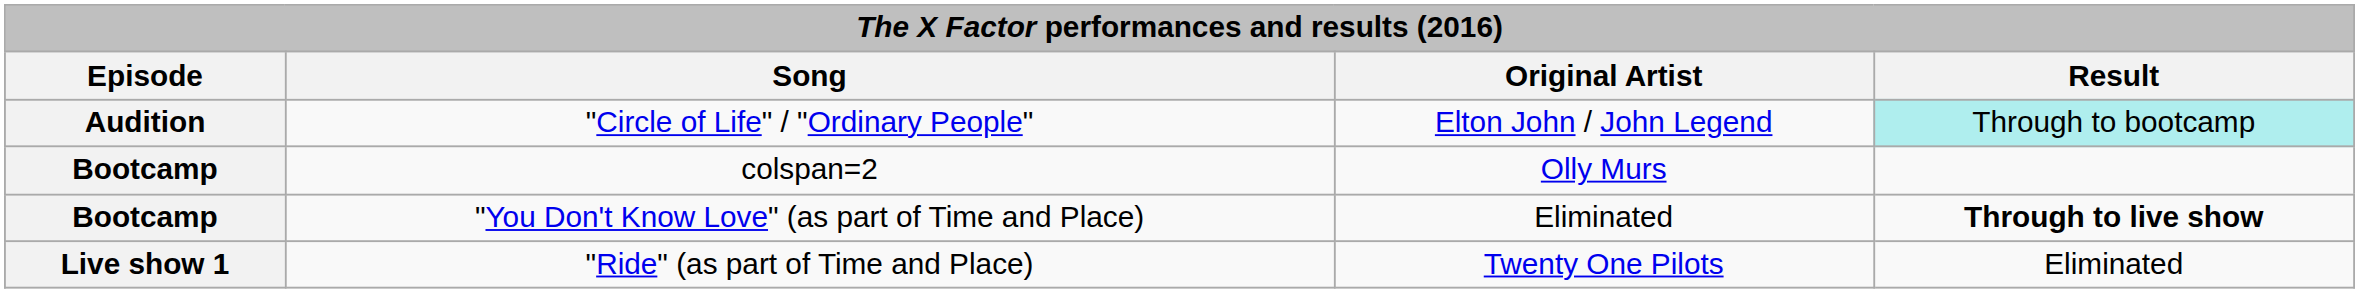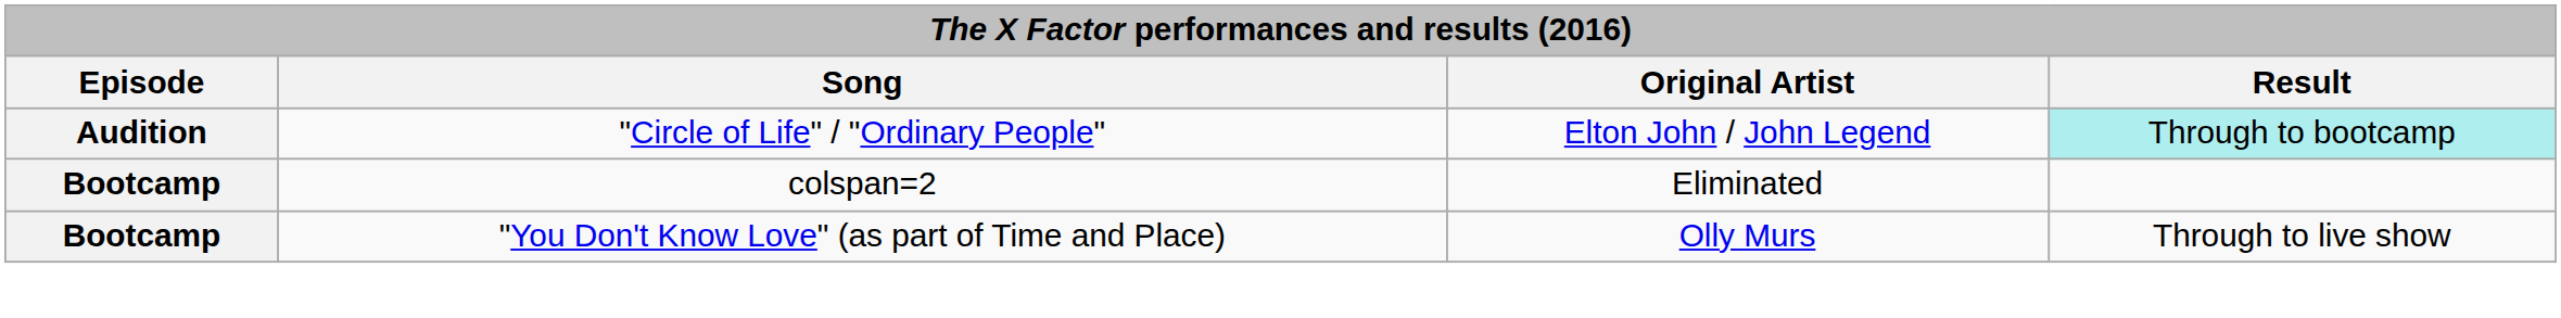 <table class="wikitable collapsible collapsed" style="width:100%; margin:1em auto 1em auto; text-align:center;">
 <tr>
 <th colspan="4" style="background:#BFBFBF;"><em>The X Factor</em> performances and results (2016)</th>
 </tr>
 <tr>
 <th scope="col">Episode</th>
 <th scope="col">Song</th>
 <th scope="col">Original Artist</th>
 <th scope="col">Result</th>
 </tr>
 <tr>
 <th>Audition</th>
 <td>"<a href='#'>Circle of Life</a>" / "<a href='#'>Ordinary People</a>"</td>
 <td><a href='#'>Elton John</a> / <a href='#'>John Legend</a></td>
 <td style="background: paleturquoise;">Through to bootcamp</td>
 </tr>
 <tr>
 <th>Bootcamp</th>
 <td>colspan=2 </td>
-<td><a href='#'>Olly Murs</a></td>
+<td>Eliminated</td>
 </tr>
 <tr>
 <th>Bootcamp</th>
 <td>"<a href='#'>You Don't Know Love</a>" (as part of Time and Place)</td>
-<td>Eliminated</td>
-<td><strong>Through to live show</strong></td>
-</tr>
-<tr>
-<th>Live show 1</th>
-<td>"<a href='#'>Ride</a>" (as part of Time and Place)</td>
-<td><a href='#'>Twenty One Pilots</a></td>
-<td>Eliminated</td>
+<td><a href='#'>Olly Murs</a></td>
+<td>Through to live show</td>
 </tr>
 </table>
